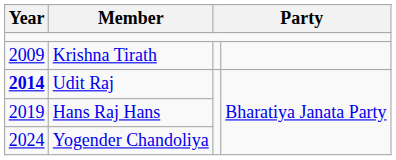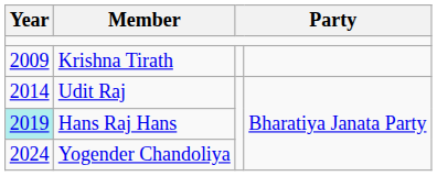 <table class="wikitable sortable">
 <tr>
 <th>Year</th>
 <th>Member</th>
 <th colspan="2">Party</th>
 </tr>
 <tr>
 <td colspan="4"></td>
 </tr>
 <tr>
 <td><a href='#'>2009</a></td>
 <td><a href='#'>Krishna Tirath</a></td>
 <td></td>
 </tr>
 <tr>
-<td><strong><a href='#'>2014</a></strong></td>
+<td><a href='#'>2014</a></td>
 <td><a href='#'>Udit Raj</a></td>
 <td rowspan="3" style="background-color:"></td>
 <td rowspan="3"><a href='#'>Bharatiya Janata Party</a></td>
 </tr>
 <tr>
-<td><a href='#'>2019</a></td>
+<td style="background: paleturquoise;"><a href='#'>2019</a></td>
 <td><a href='#'>Hans Raj Hans</a></td>
 </tr>
 <tr>
 <td><a href='#'>2024</a></td>
 <td><a href='#'>Yogender Chandoliya</a></td>
 </tr>
 </table>
